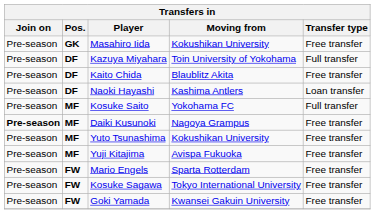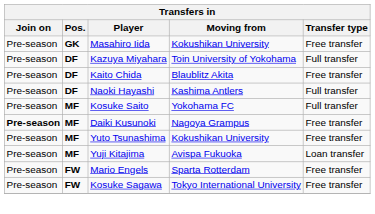 <table class="wikitable sortable" style=“text-align:left;>
 <tr>
 <th colspan="5">Transfers in</th>
 </tr>
 <tr>
 <th>Join on</th>
 <th>Pos.</th>
 <th>Player</th>
 <th>Moving from</th>
 <th>Transfer type</th>
 </tr>
 <tr>
 <td>Pre-season</td>
 <td><strong>GK</strong></td>
 <td> <a href='#'>Masahiro Iida</a></td>
 <td> <a href='#'>Kokushikan University</a></td>
 <td>Free transfer</td>
 </tr>
 <tr>
 <td>Pre-season</td>
 <td><strong>DF</strong></td>
 <td> <a href='#'>Kazuya Miyahara</a></td>
 <td> <a href='#'>Toin University of Yokohama</a></td>
 <td>Full transfer</td>
 </tr>
 <tr>
 <td>Pre-season</td>
 <td><strong>DF</strong></td>
 <td> <a href='#'>Kaito Chida</a></td>
 <td> <a href='#'>Blaublitz Akita</a></td>
 <td>Free transfer</td>
 </tr>
 <tr>
 <td>Pre-season</td>
 <td><strong>DF</strong></td>
 <td> <a href='#'>Naoki Hayashi</a></td>
 <td> <a href='#'>Kashima Antlers</a></td>
-<td>Loan transfer</td>
+<td>Full transfer</td>
 </tr>
 <tr>
 <td>Pre-season</td>
 <td><strong>MF</strong></td>
 <td> <a href='#'>Kosuke Saito</a></td>
 <td> <a href='#'>Yokohama FC</a></td>
 <td>Full transfer</td>
 </tr>
 <tr>
 <td><strong>Pre-season</strong></td>
 <td><strong>MF</strong></td>
 <td> <a href='#'>Daiki Kusunoki</a></td>
 <td> <a href='#'>Nagoya Grampus</a></td>
 <td>Free transfer</td>
 </tr>
 <tr>
 <td>Pre-season</td>
 <td><strong>MF</strong></td>
 <td> <a href='#'>Yuto Tsunashima</a></td>
 <td> <a href='#'>Kokushikan University</a></td>
 <td>Free transfer</td>
 </tr>
 <tr>
 <td>Pre-season</td>
 <td><strong>MF</strong></td>
 <td> <a href='#'>Yuji Kitajima</a></td>
 <td> <a href='#'>Avispa Fukuoka</a></td>
-<td>Free transfer</td>
+<td>Loan transfer</td>
 </tr>
 <tr>
 <td>Pre-season</td>
 <td><strong>FW</strong></td>
 <td> <a href='#'>Mario Engels</a></td>
 <td> <a href='#'>Sparta Rotterdam</a></td>
 <td>Free transfer</td>
 </tr>
 <tr>
 <td>Pre-season</td>
 <td><strong>FW</strong></td>
 <td> <a href='#'>Kosuke Sagawa</a></td>
 <td> <a href='#'>Tokyo International University</a></td>
 <td>Free transfer</td>
 </tr>
 <tr>
-<td>Pre-season</td>
-<td><strong>FW</strong></td>
-<td> <a href='#'>Goki Yamada</a></td>
-<td> <a href='#'>Kwansei Gakuin University</a></td>
-<td>Free transfer</td>
-</tr>
-<tr>
 </tr>
 </table>
